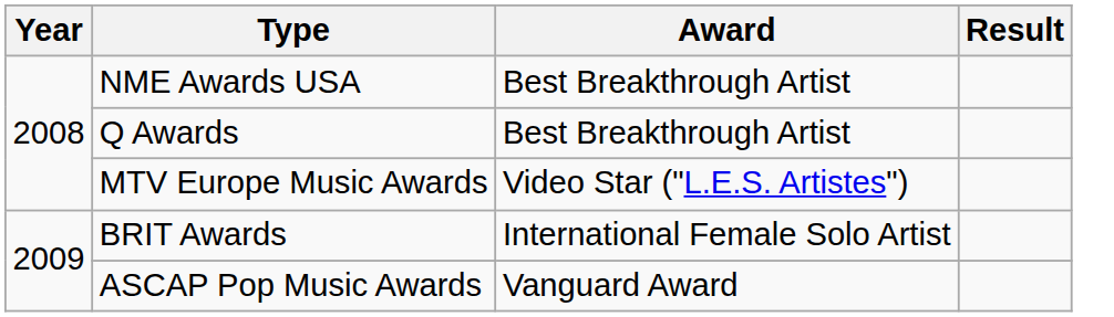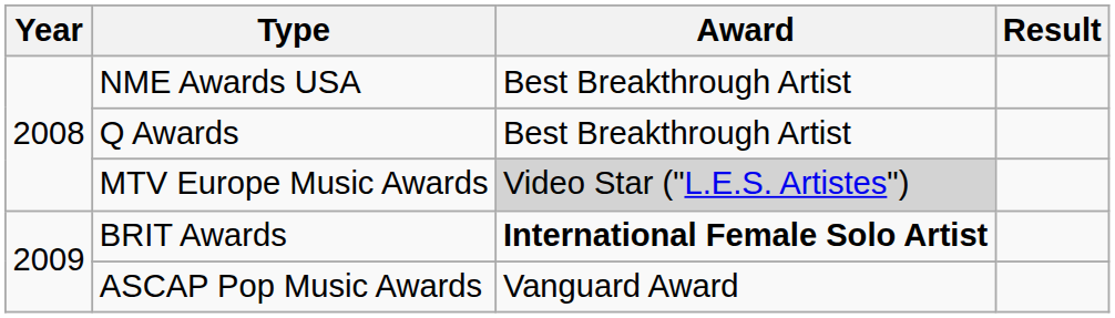 <table class="wikitable">
 <tr>
 <th>Year</th>
 <th>Type</th>
 <th>Award</th>
 <th>Result</th>
 </tr>
 <tr>
 <td rowspan="3">2008</td>
 <td>NME Awards USA</td>
 <td>Best Breakthrough Artist</td>
 <td></td>
 </tr>
 <tr>
 <td>Q Awards</td>
 <td>Best Breakthrough Artist</td>
 <td></td>
 </tr>
 <tr>
 <td>MTV Europe Music Awards</td>
-<td>Video Star ("<a href='#'>L.E.S. Artistes</a>")</td>
+<td style="background: lightgrey;">Video Star ("<a href='#'>L.E.S. Artistes</a>")</td>
 <td></td>
 </tr>
 <tr>
 <td rowspan="2">2009</td>
 <td>BRIT Awards</td>
-<td>International Female Solo Artist</td>
+<td><strong>International Female Solo Artist</strong></td>
 <td></td>
 </tr>
 <tr>
 <td>ASCAP Pop Music Awards</td>
 <td>Vanguard Award</td>
 <td></td>
 </tr>
 </table>
